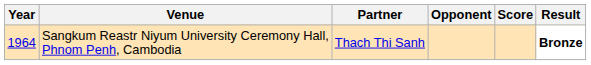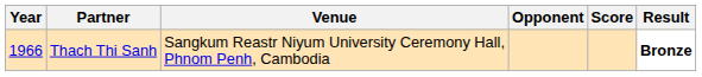 <table class="sortable wikitable" style="font-size: 90%;">
 <tr>
 <th>Year</th>
+<th>Partner</th>
 <th>Venue</th>
-<th>Partner</th>
 <th>Opponent</th>
 <th>Score</th>
 <th>Result</th>
 </tr>
 <tr style="background:#FFE4B5">
-<td align="center"><a href='#'>1964</a></td>
+<td align="center"><a href='#'>1966</a></td>
+<td align="left"> <a href='#'>Thach Thi Sanh</a></td>
 <td align="left">Sangkum Reastr Niyum University Ceremony Hall,<br><a href='#'>Phnom Penh</a>, Cambodia</td>
-<td align="left"> <a href='#'>Thach Thi Sanh</a></td>
 <td align="left"></td>
 <td align="left"></td>
 <td style="text-align:left; background:white"> <strong>Bronze</strong></td>
 </tr>
 </table>
